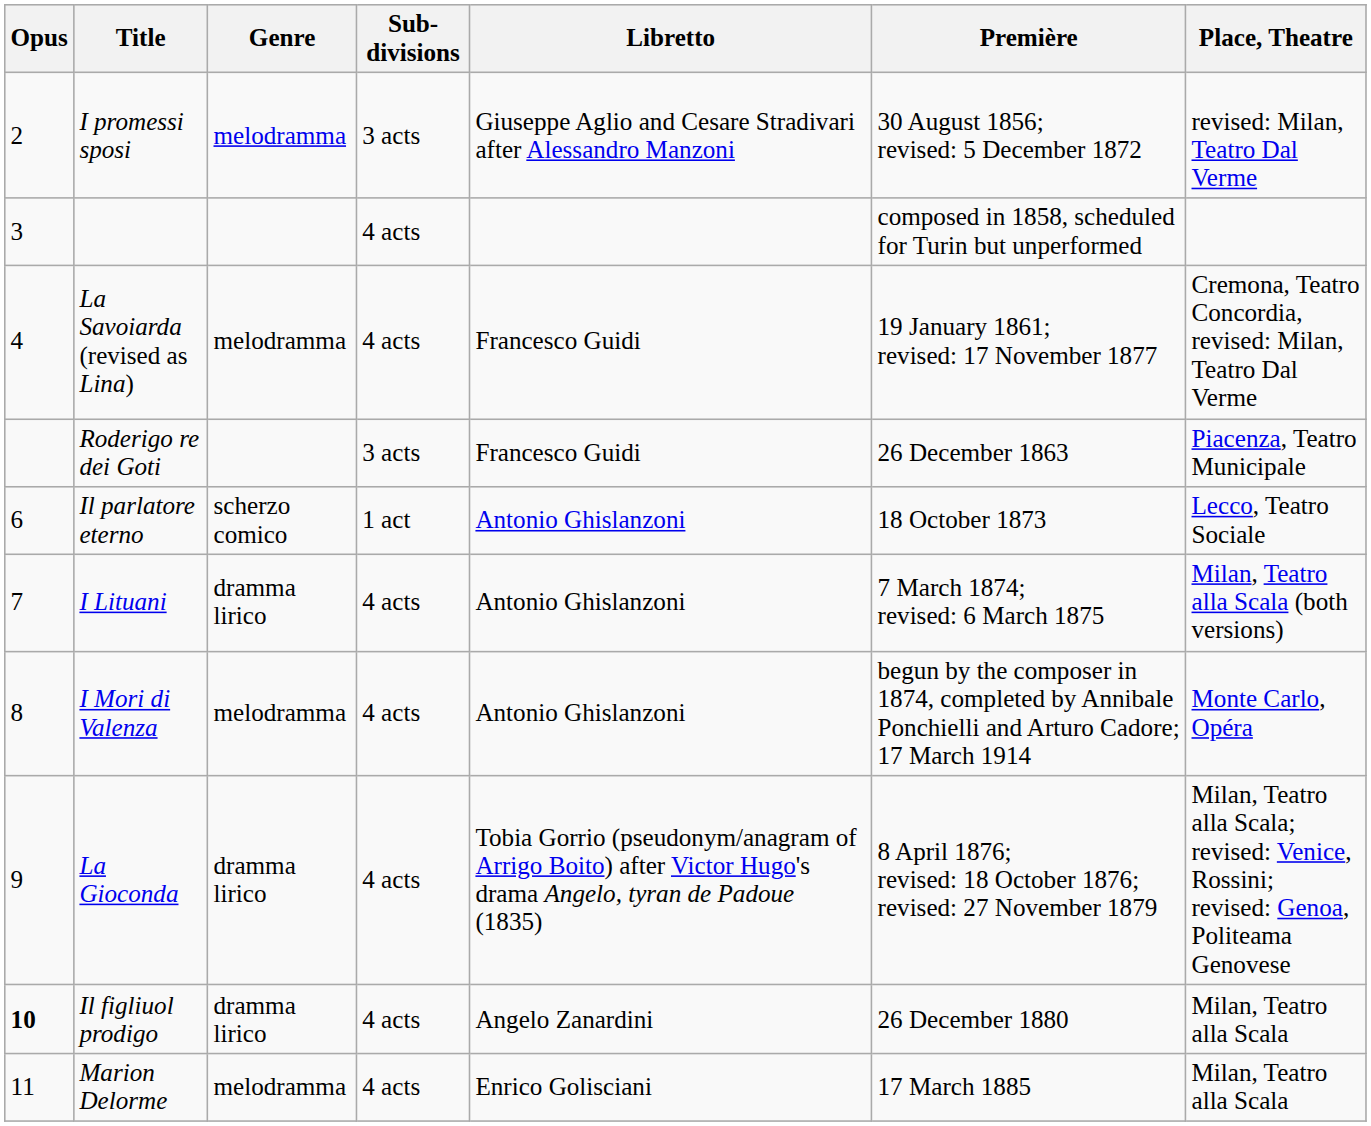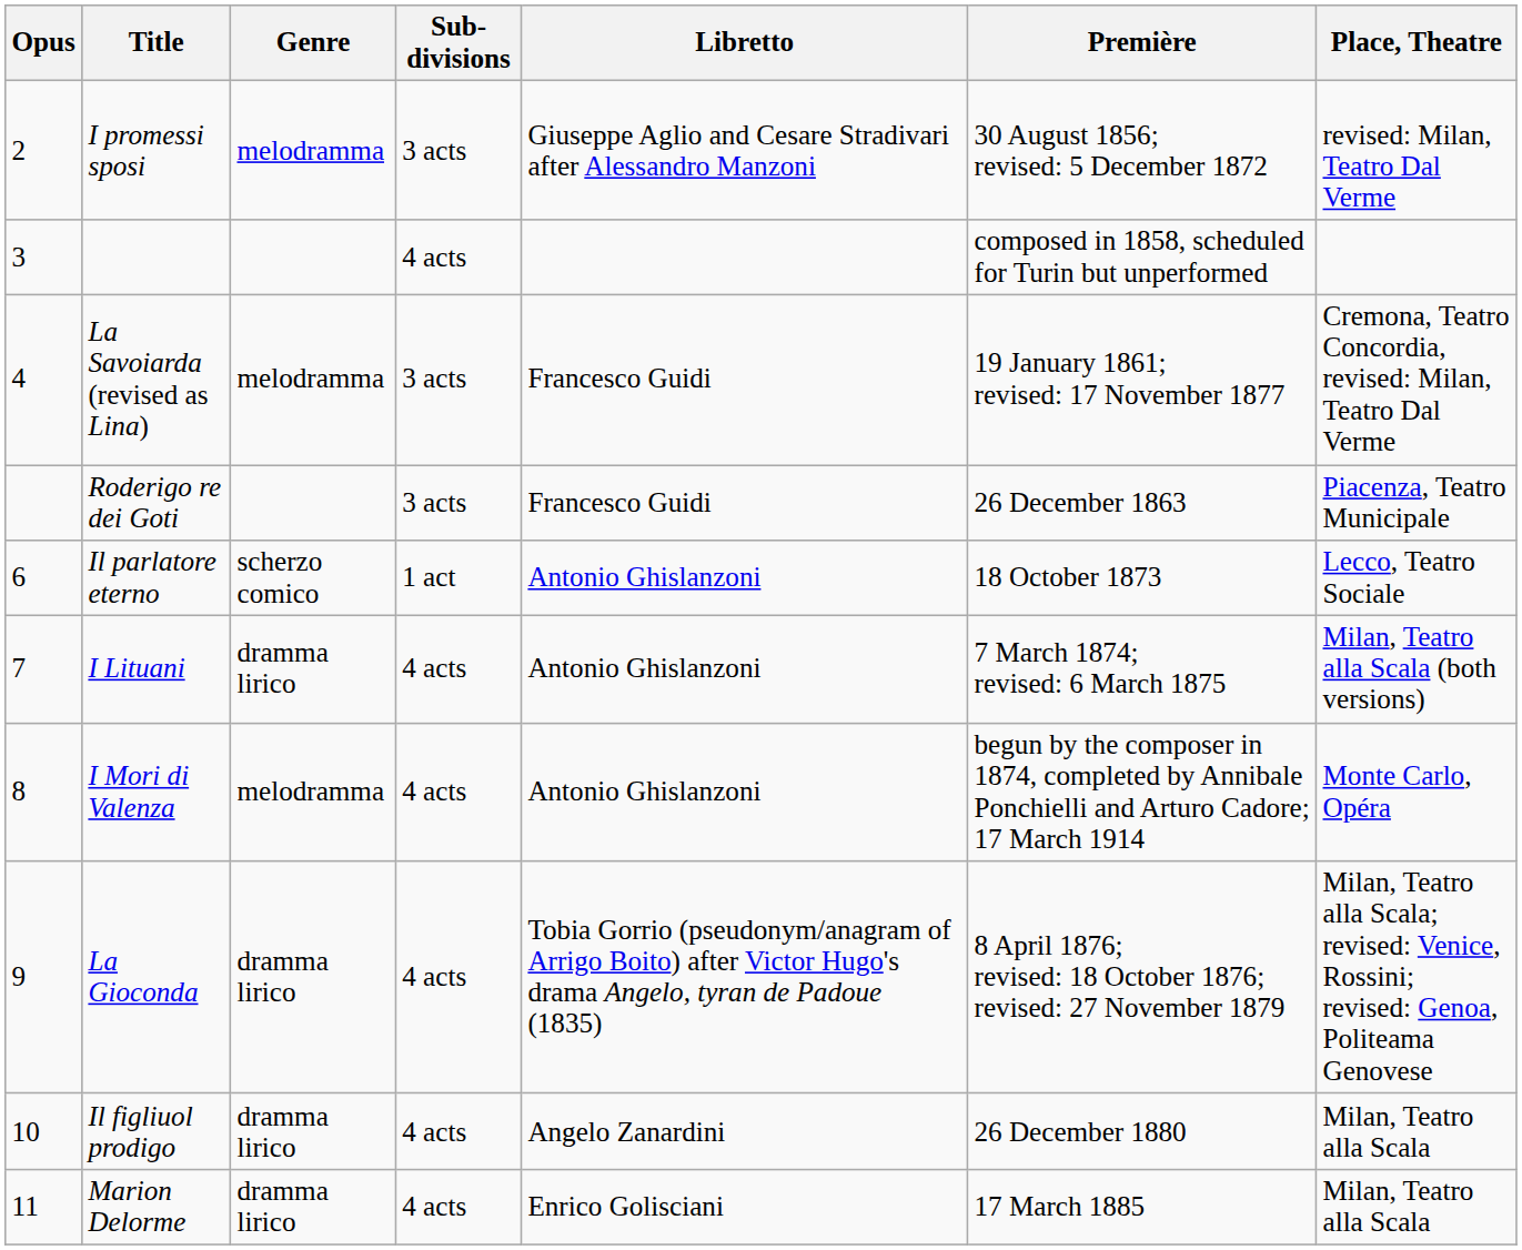 <table class="wikitable sortable">
 <tr>
 <th width="20px">Opus</th>
 <th>Title</th>
 <th>Genre</th>
 <th>Sub­divisions</th>
 <th>Libretto</th>
 <th>Première</th>
 <th>Place, Theatre</th>
 </tr>
 <tr>
 <td>2</td>
 <td><em>I promessi sposi</em></td>
 <td><a href='#'>melodramma</a></td>
 <td>3 acts</td>
 <td>Giuseppe Aglio and Cesare Stradivari after <a href='#'>Alessandro Manzoni</a></td>
 <td>30 August 1856;<br>revised: 5 December 1872</td>
 <td><br>revised: Milan, <a href='#'>Teatro Dal Verme</a></td>
 </tr>
 <tr>
 <td>3</td>
 <td><em></em></td>
 <td> </td>
 <td>4 acts</td>
 <td> </td>
 <td>composed in 1858, scheduled for Turin but unperformed</td>
 <td> </td>
 </tr>
 <tr>
 <td>4</td>
 <td><em>La Savoiarda</em><br>(revised as <em>Lina</em>)</td>
 <td>melodramma</td>
-<td>4 acts</td>
+<td>3 acts</td>
 <td>Francesco Guidi</td>
 <td>19 January 1861;<br>revised: 17 November 1877</td>
 <td>Cremona, Teatro Concordia,<br>revised: Milan, Teatro Dal Verme</td>
 </tr>
 <tr>
 <td></td>
 <td><em>Roderigo re dei Goti</em></td>
 <td> </td>
 <td>3 acts</td>
 <td>Francesco Guidi</td>
 <td>26 December 1863</td>
 <td><a href='#'>Piacenza</a>, Teatro Municipale</td>
 </tr>
 <tr>
 <td>6</td>
 <td><em>Il parlatore eterno</em></td>
 <td>scherzo comico</td>
 <td>1 act</td>
 <td><a href='#'>Antonio Ghislanzoni</a></td>
 <td>18 October 1873</td>
 <td><a href='#'>Lecco</a>, Teatro Sociale</td>
 </tr>
 <tr>
 <td>7</td>
 <td><em><a href='#'>I Lituani</a></em></td>
 <td>dramma lirico</td>
 <td>4 acts</td>
 <td>Antonio Ghislanzoni</td>
 <td>7 March 1874;<br>revised: 6 March 1875</td>
 <td><a href='#'>Milan</a>, <a href='#'>Teatro alla Scala</a> (both versions)</td>
 </tr>
 <tr>
 <td>8</td>
 <td><em><a href='#'>I Mori di Valenza</a></em></td>
 <td>melodramma</td>
 <td>4 acts</td>
 <td>Antonio Ghislanzoni</td>
 <td>begun by the composer in 1874, completed by Annibale Ponchielli and Arturo Cadore; 17 March 1914</td>
 <td><a href='#'>Monte Carlo</a>, <a href='#'>Opéra</a></td>
 </tr>
 <tr>
 <td>9</td>
 <td><em><a href='#'>La Gioconda</a></em></td>
 <td>dramma lirico</td>
 <td>4 acts</td>
 <td>Tobia Gorrio (pseudonym/anagram of <a href='#'>Arrigo Boito</a>) after <a href='#'>Victor Hugo</a>'s drama <em>Angelo, tyran de Padoue</em> (1835)</td>
 <td>8 April 1876;<br>revised: 18 October 1876;<br>revised: 27 November 1879</td>
 <td>Milan, Teatro alla Scala;<br>revised: <a href='#'>Venice</a>,  Rossini;<br>revised: <a href='#'>Genoa</a>, Politeama Genovese</td>
 </tr>
 <tr>
-<td><strong>10</strong></td>
+<td>10</td>
 <td><em>Il figliuol prodigo</em></td>
 <td>dramma lirico</td>
 <td>4 acts</td>
 <td>Angelo Zanardini</td>
 <td>26 December 1880</td>
 <td>Milan, Teatro alla Scala</td>
 </tr>
 <tr>
 <td>11</td>
 <td><em>Marion Delorme</em></td>
-<td>melodramma</td>
+<td>dramma lirico</td>
 <td>4 acts</td>
 <td>Enrico Golisciani</td>
 <td>17 March 1885</td>
 <td>Milan, Teatro alla Scala</td>
 </tr>
 </table>
